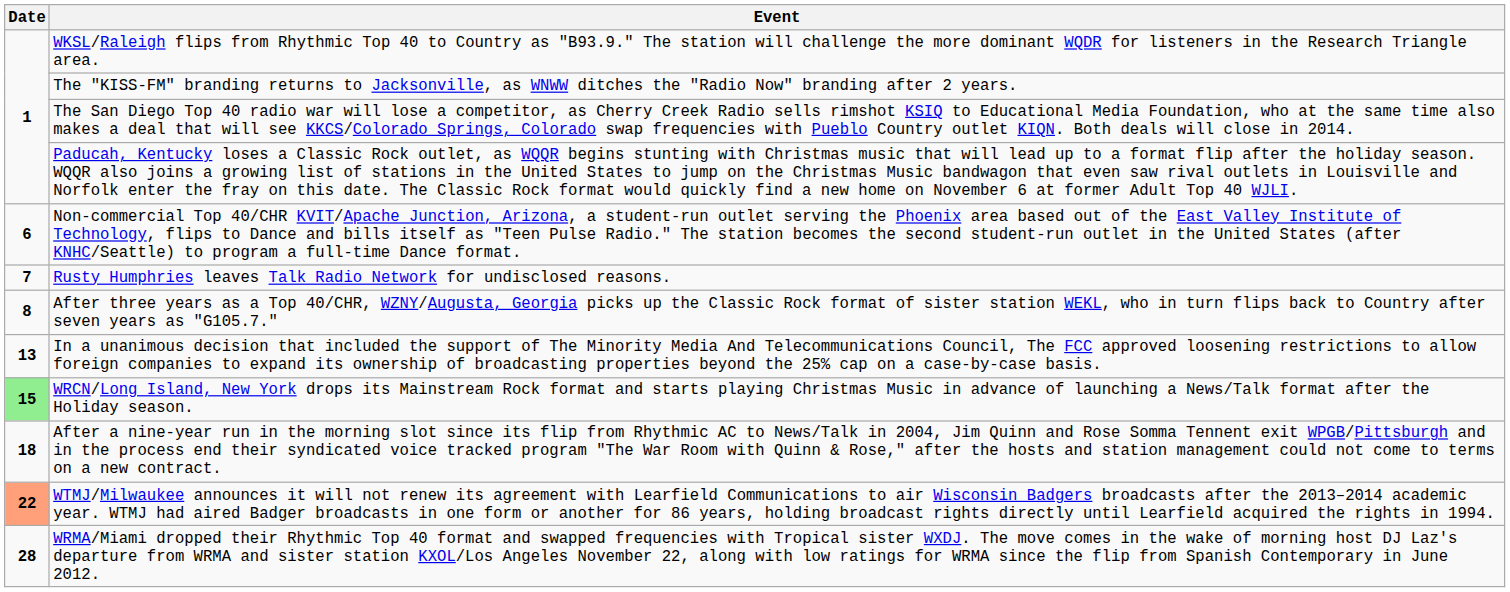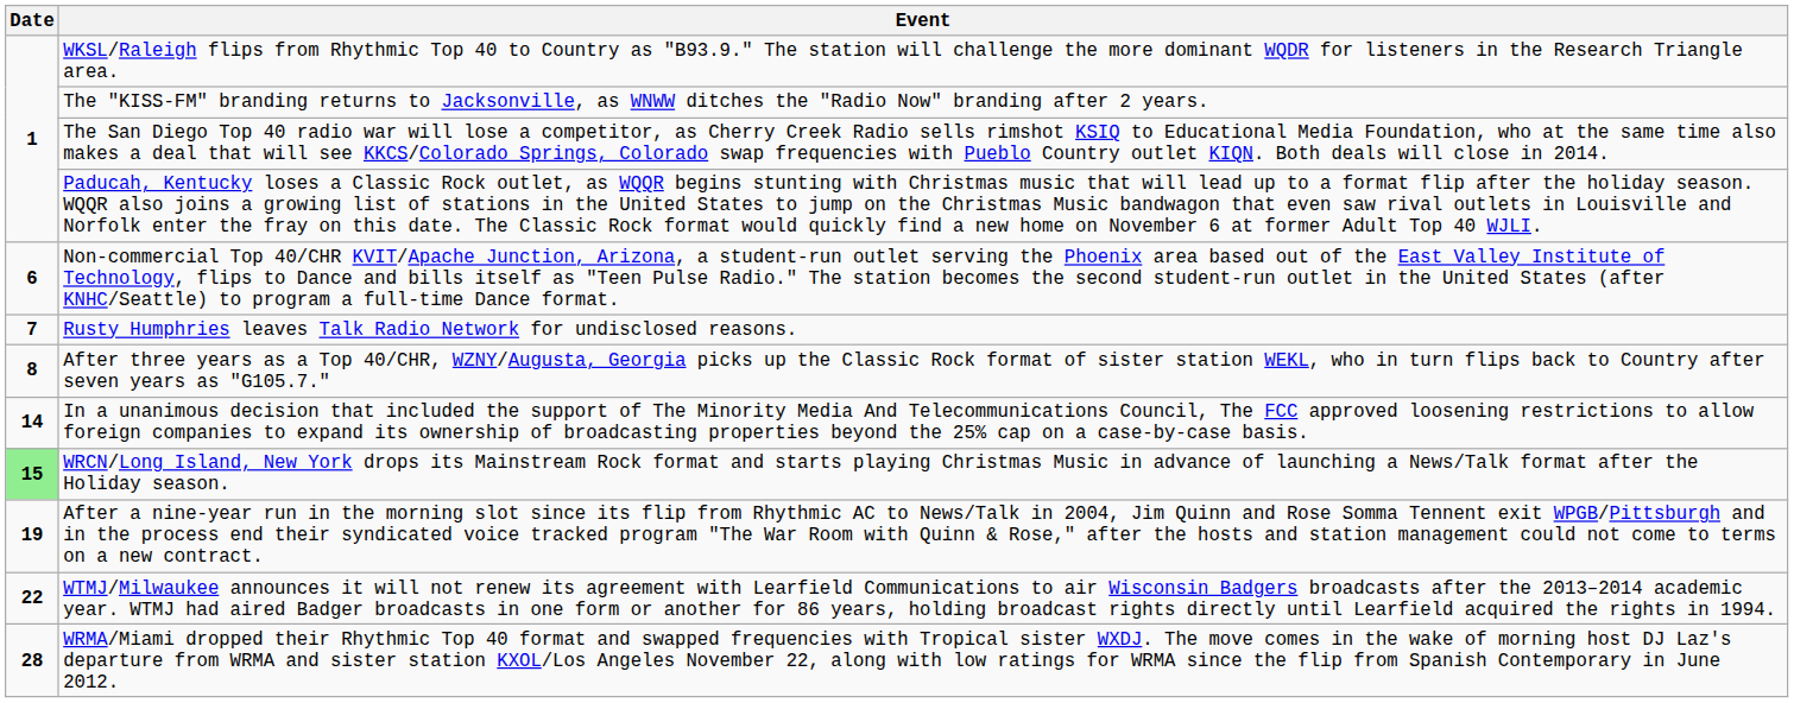 <table class="wikitable">
 <tr>
 <th>Date</th>
 <th>Event</th>
 </tr>
 <tr>
 <td style="text-align:center;" rowspan=4><strong>1</strong></td>
 <td><a href='#'>WKSL</a>/<a href='#'>Raleigh</a> flips from Rhythmic Top 40 to Country as "B93.9." The station will challenge the more dominant <a href='#'>WQDR</a> for listeners in the Research Triangle area.</td>
 </tr>
 <tr>
 <td>The "KISS-FM" branding returns to <a href='#'>Jacksonville</a>, as <a href='#'>WNWW</a> ditches the "Radio Now" branding after 2 years.</td>
 </tr>
 <tr>
 <td>The San Diego Top 40 radio war will lose a competitor, as Cherry Creek Radio sells rimshot <a href='#'>KSIQ</a> to Educational Media Foundation, who at the same time also makes a deal that will see <a href='#'>KKCS</a>/<a href='#'>Colorado Springs, Colorado</a> swap frequencies with <a href='#'>Pueblo</a> Country outlet <a href='#'>KIQN</a>. Both deals will close in 2014.</td>
 </tr>
 <tr>
 <td><a href='#'>Paducah, Kentucky</a> loses a Classic Rock outlet, as <a href='#'>WQQR</a> begins stunting with Christmas music that will lead up to a format flip after the holiday season. WQQR also joins a growing list of stations in the United States to jump on the Christmas Music bandwagon that even saw rival outlets in Louisville and Norfolk enter the fray on this date. The Classic Rock format would quickly find a new home on November 6 at former Adult Top 40 <a href='#'>WJLI</a>.</td>
 </tr>
 <tr>
 <td style="text-align:center;"><strong>6</strong></td>
 <td>Non-commercial Top 40/CHR <a href='#'>KVIT</a>/<a href='#'>Apache Junction, Arizona</a>, a student-run outlet serving the <a href='#'>Phoenix</a> area based out of the <a href='#'>East Valley Institute of Technology</a>, flips to Dance and bills itself as "Teen Pulse Radio." The station becomes the second student-run outlet in the United States (after <a href='#'>KNHC</a>/Seattle) to program a full-time Dance format.</td>
 </tr>
 <tr>
 <td style="text-align:center;"><strong>7</strong></td>
 <td><a href='#'>Rusty Humphries</a> leaves <a href='#'>Talk Radio Network</a> for undisclosed reasons.</td>
 </tr>
 <tr>
 <td style="text-align:center;"><strong>8</strong></td>
 <td>After three years as a Top 40/CHR, <a href='#'>WZNY</a>/<a href='#'>Augusta, Georgia</a> picks up the Classic Rock format of sister station <a href='#'>WEKL</a>, who in turn flips back to Country after seven years as "G105.7."</td>
 </tr>
 <tr>
-<td style="text-align:center;"><strong>13</strong></td>
+<td style="text-align:center;"><strong>14</strong></td>
 <td>In a unanimous decision that included the support of The Minority Media And Telecommunications Council, The <a href='#'>FCC</a> approved loosening restrictions to allow foreign companies to expand its ownership of broadcasting properties beyond the 25% cap on a case-by-case basis.</td>
 </tr>
 <tr>
 <td style="background: lightgreen; text-align:center;"><strong>15</strong></td>
 <td><a href='#'>WRCN</a>/<a href='#'>Long Island, New York</a> drops its Mainstream Rock format and starts playing Christmas Music in advance of launching a News/Talk format after the Holiday season.</td>
 </tr>
 <tr>
-<td style="text-align:center;"><strong>18</strong></td>
+<td style="text-align:center;"><strong>19</strong></td>
 <td>After a nine-year run in the morning slot since its flip from Rhythmic AC to News/Talk in 2004, Jim Quinn and Rose Somma Tennent exit <a href='#'>WPGB</a>/<a href='#'>Pittsburgh</a> and in the process end their syndicated voice tracked program "The War Room with Quinn & Rose," after the hosts and station management could not come to terms on a new contract.</td>
 </tr>
 <tr>
-<td style="background: lightsalmon; text-align:center;"><strong>22</strong></td>
+<td style="text-align:center;"><strong>22</strong></td>
 <td><a href='#'>WTMJ</a>/<a href='#'>Milwaukee</a> announces it will not renew its agreement with Learfield Communications to air <a href='#'>Wisconsin Badgers</a> broadcasts after the 2013–2014 academic year. WTMJ had aired Badger broadcasts in one form or another for 86 years, holding broadcast rights directly until Learfield acquired the rights in 1994.</td>
 </tr>
 <tr>
 <td style="text-align:center;"><strong>28</strong></td>
 <td><a href='#'>WRMA</a>/Miami dropped their Rhythmic Top 40 format and swapped frequencies with Tropical sister <a href='#'>WXDJ</a>. The move comes in the wake of morning host DJ Laz's departure from WRMA and sister station <a href='#'>KXOL</a>/Los Angeles November 22, along with low ratings for WRMA since the flip from Spanish Contemporary in June 2012.</td>
 </tr>
 </table>
